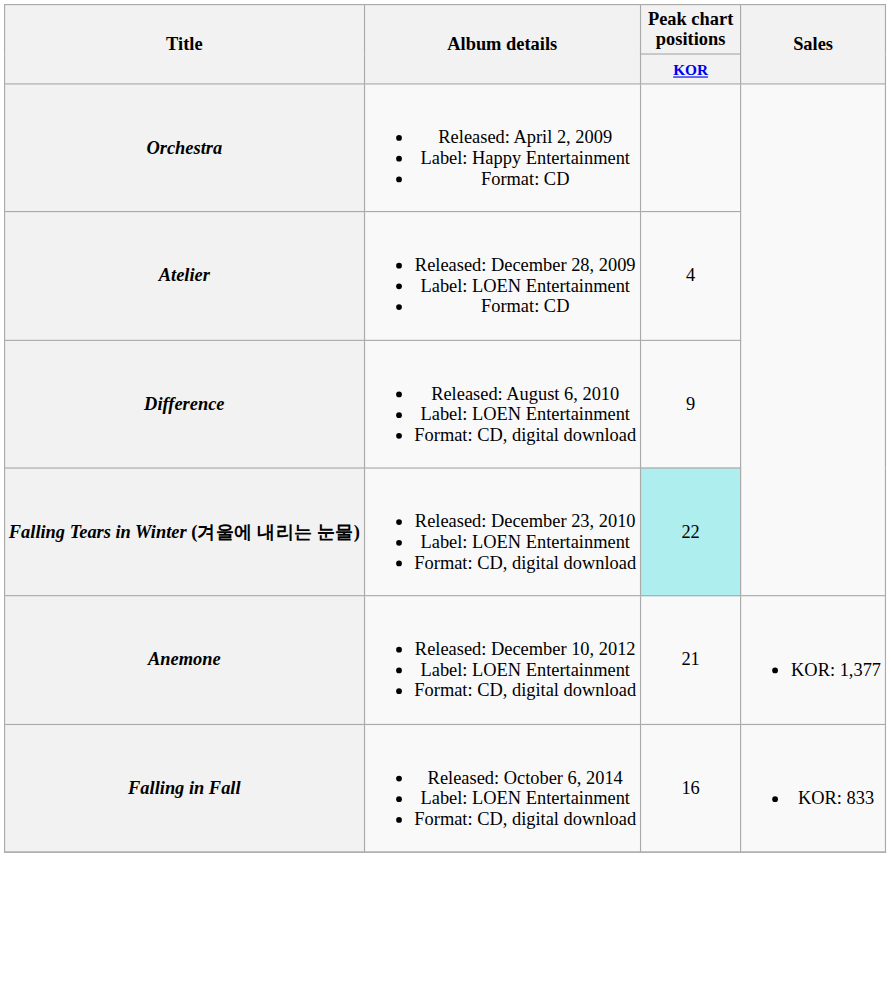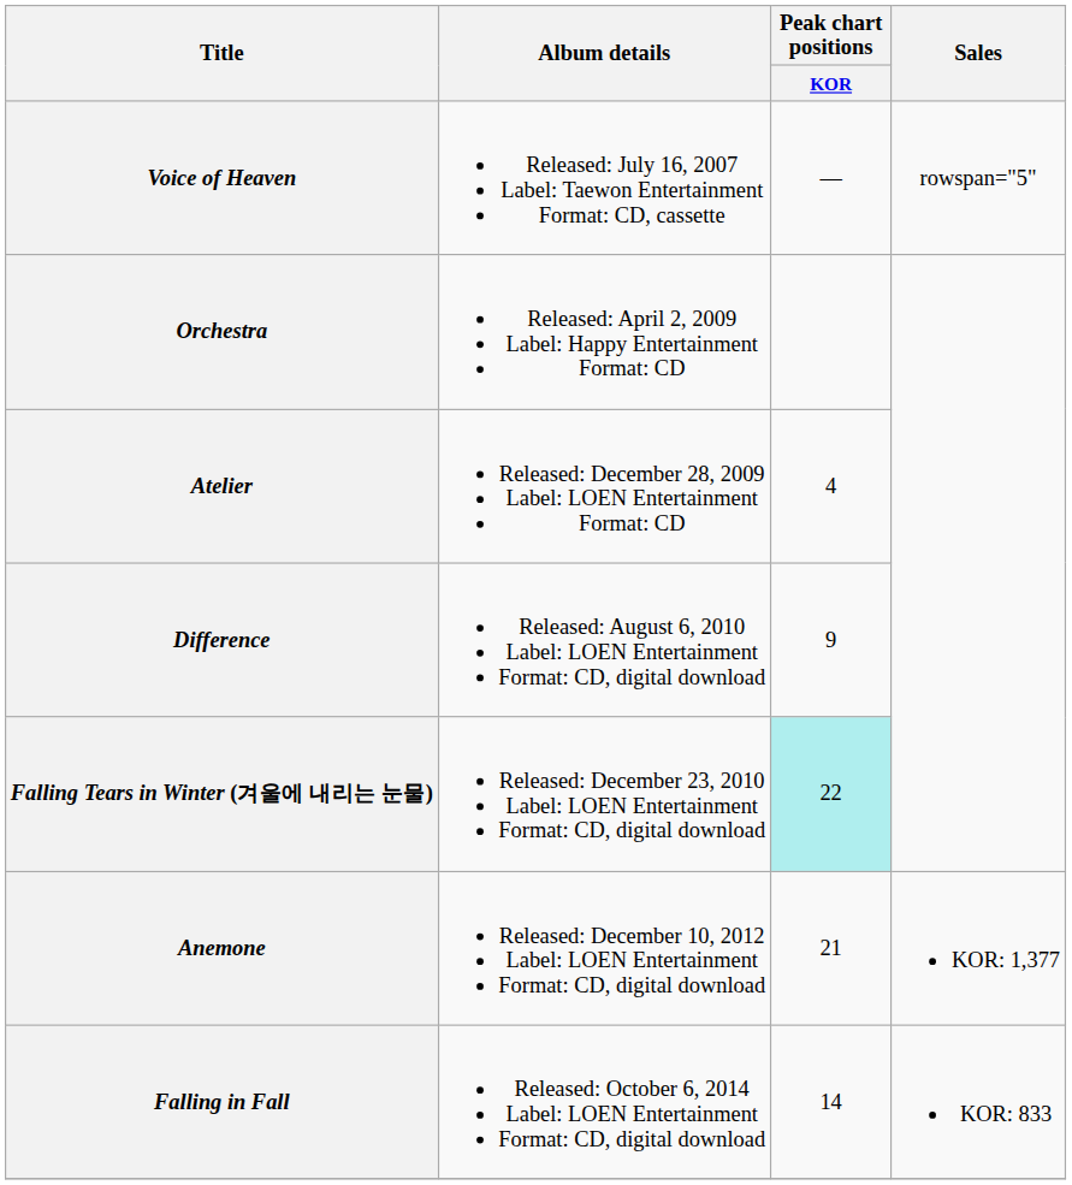 <table class="wikitable plainrowheaders" style="text-align:center;">
 <tr>
 <th scope="col" rowspan="2">Title</th>
 <th scope="col" rowspan="2">Album details</th>
 <th scope="col" colspan="1" style="width:5em;">Peak chart positions</th>
 <th scope="col" rowspan="2">Sales</th>
 </tr>
 <tr>
 <th><small><a href='#'>KOR</a></small><br></th>
+</tr>
+<tr>
+<th scope="row"><em>Voice of Heaven</em></th>
+<td><br><ul><li>Released: July 16, 2007</li><li>Label: Taewon Entertainment</li><li>Format: CD, cassette</li></ul></td>
+<td>—</td>
+<td>rowspan="5" </td>
 </tr>
 <tr>
 <th scope="row"><em>Orchestra</em></th>
 <td><br><ul><li>Released: April 2, 2009</li><li>Label: Happy Entertainment</li><li>Format: CD</li></ul></td>
 <td></td>
 </tr>
 <tr>
 <th scope="row"><em>Atelier</em></th>
 <td><br><ul><li>Released: December 28, 2009</li><li>Label: LOEN Entertainment</li><li>Format: CD</li></ul></td>
 <td>4</td>
 </tr>
 <tr>
 <th scope="row"><em>Difference</em></th>
 <td><br><ul><li>Released: August 6, 2010</li><li>Label: LOEN Entertainment</li><li>Format: CD, digital download</li></ul></td>
 <td>9</td>
 </tr>
 <tr>
 <th scope="row"><em>Falling Tears in Winter</em> (겨울에 내리는 눈물)</th>
 <td><br><ul><li>Released: December 23, 2010</li><li>Label: LOEN Entertainment</li><li>Format: CD, digital download</li></ul></td>
 <td style="background: paleturquoise;">22</td>
 </tr>
 <tr>
 <th scope="row"><em>Anemone</em></th>
 <td><br><ul><li>Released: December 10, 2012</li><li>Label: LOEN Entertainment</li><li>Format: CD, digital download</li></ul></td>
 <td>21</td>
 <td><br><ul><li>KOR: 1,377</li></ul></td>
 </tr>
 <tr>
 <th scope="row"><em>Falling in Fall</em></th>
 <td><br><ul><li>Released: October 6, 2014</li><li>Label: LOEN Entertainment</li><li>Format: CD, digital download</li></ul></td>
-<td>16</td>
+<td>14</td>
 <td><br><ul><li>KOR: 833</li></ul></td>
 </tr>
 <tr>
 </tr>
 </table>
